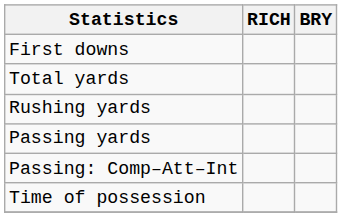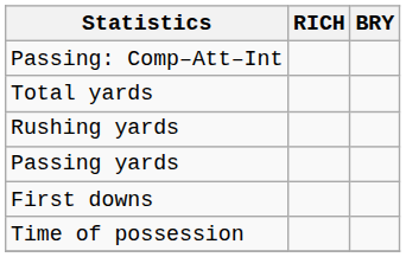 <table class="wikitable" style="float: left;">
 <tr>
 <th>Statistics</th>
 <th>RICH</th>
 <th>BRY</th>
 </tr>
 <tr>
-<td>First downs</td>
+<td>Passing: Comp–Att–Int</td>
 <td></td>
 <td></td>
 </tr>
 <tr>
 <td>Total yards</td>
 <td></td>
 <td></td>
 </tr>
 <tr>
 <td>Rushing yards</td>
 <td></td>
 <td></td>
 </tr>
 <tr>
 <td>Passing yards</td>
 <td></td>
 <td></td>
 </tr>
 <tr>
-<td>Passing: Comp–Att–Int</td>
+<td>First downs</td>
 <td></td>
 <td></td>
 </tr>
 <tr>
 <td>Time of possession</td>
 <td></td>
 <td></td>
 </tr>
 <tr>
 </tr>
 </table>
